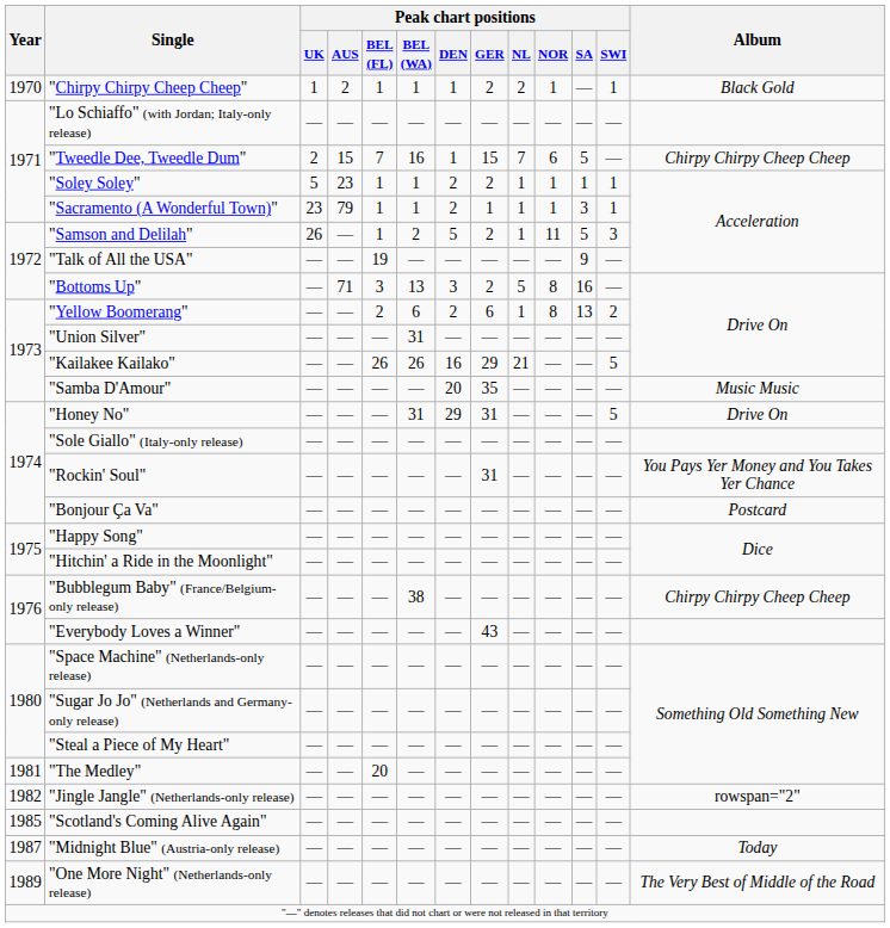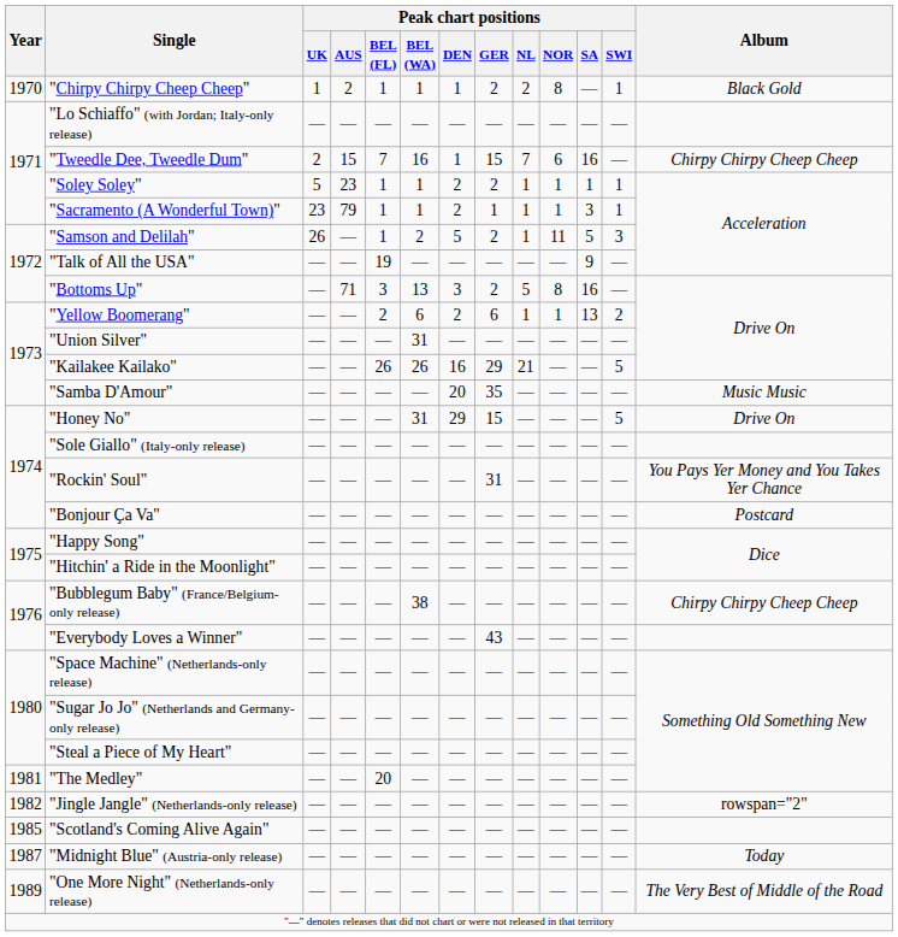 <table class="wikitable" style="text-align:center">
 <tr>
 <th rowspan="2">Year</th>
 <th rowspan="2"  style="width:16em;">Single</th>
 <th colspan="10">Peak chart positions</th>
 <th rowspan="2" style="width:16em;">Album</th>
 </tr>
 <tr>
 <th><small><a href='#'>UK</a></small><br></th>
 <th><small><a href='#'>AUS</a></small><br></th>
 <th><small><a href='#'>BEL<br>(FL)</a></small><br></th>
 <th><small><a href='#'>BEL<br>(WA)</a></small><br></th>
 <th><small><a href='#'>DEN</a></small><br></th>
 <th><small><a href='#'>GER</a></small><br></th>
 <th><small><a href='#'>NL</a></small><br></th>
 <th><small><a href='#'>NOR</a></small><br></th>
 <th><small><a href='#'>SA</a></small><br></th>
 <th><small><a href='#'>SWI</a></small><br></th>
 </tr>
 <tr>
 <td>1970</td>
 <td align="left">"<a href='#'>Chirpy Chirpy Cheep Cheep</a>"</td>
 <td>1</td>
 <td>2</td>
 <td>1</td>
 <td>1</td>
 <td>1</td>
 <td>2</td>
 <td>2</td>
-<td>1</td>
+<td>8</td>
 <td>—</td>
 <td>1</td>
 <td><em>Black Gold</em></td>
 </tr>
 <tr>
 <td rowspan="4">1971</td>
 <td align="left">"Lo Schiaffo" <small>(with Jordan; Italy-only release)</small></td>
 <td>—</td>
 <td>—</td>
 <td>—</td>
 <td>—</td>
 <td>—</td>
 <td>—</td>
 <td>—</td>
 <td>—</td>
 <td>—</td>
 <td>—</td>
 <td></td>
 </tr>
 <tr>
 <td align="left">"<a href='#'>Tweedle Dee, Tweedle Dum</a>"</td>
 <td>2</td>
 <td>15</td>
 <td>7</td>
 <td>16</td>
 <td>1</td>
 <td>15</td>
 <td>7</td>
 <td>6</td>
-<td>5</td>
+<td>16</td>
 <td>—</td>
 <td><em>Chirpy Chirpy Cheep Cheep</em></td>
 </tr>
 <tr>
 <td align="left">"<a href='#'>Soley Soley</a>"</td>
 <td>5</td>
 <td>23</td>
 <td>1</td>
 <td>1</td>
 <td>2</td>
 <td>2</td>
 <td>1</td>
 <td>1</td>
 <td>1</td>
 <td>1</td>
 <td rowspan="4"><em>Acceleration</em></td>
 </tr>
 <tr>
 <td align="left">"<a href='#'>Sacramento (A Wonderful Town)</a>"</td>
 <td>23</td>
 <td>79</td>
 <td>1</td>
 <td>1</td>
 <td>2</td>
 <td>1</td>
 <td>1</td>
 <td>1</td>
 <td>3</td>
 <td>1</td>
 </tr>
 <tr>
 <td rowspan="3">1972</td>
 <td align="left">"<a href='#'>Samson and Delilah</a>"</td>
 <td>26</td>
 <td>—</td>
 <td>1</td>
 <td>2</td>
 <td>5</td>
 <td>2</td>
 <td>1</td>
 <td>11</td>
 <td>5</td>
 <td>3</td>
 </tr>
 <tr>
 <td align="left">"Talk of All the USA"</td>
 <td>—</td>
 <td>—</td>
 <td>19</td>
 <td>—</td>
 <td>—</td>
 <td>—</td>
 <td>—</td>
 <td>—</td>
 <td>9</td>
 <td>—</td>
 </tr>
 <tr>
 <td align="left">"<a href='#'>Bottoms Up</a>"</td>
 <td>—</td>
 <td>71</td>
 <td>3</td>
 <td>13</td>
 <td>3</td>
 <td>2</td>
 <td>5</td>
 <td>8</td>
 <td>16</td>
 <td>—</td>
 <td rowspan="4"><em>Drive On</em></td>
 </tr>
 <tr>
 <td rowspan="4">1973</td>
 <td align="left">"<a href='#'>Yellow Boomerang</a>"</td>
 <td>—</td>
 <td>—</td>
 <td>2</td>
 <td>6</td>
 <td>2</td>
 <td>6</td>
 <td>1</td>
-<td>8</td>
+<td>1</td>
 <td>13</td>
 <td>2</td>
 </tr>
 <tr>
 <td align="left">"Union Silver"</td>
 <td>—</td>
 <td>—</td>
 <td>—</td>
 <td>31</td>
 <td>—</td>
 <td>—</td>
 <td>—</td>
 <td>—</td>
 <td>—</td>
 <td>—</td>
 </tr>
 <tr>
 <td align="left">"Kailakee Kailako"</td>
 <td>—</td>
 <td>—</td>
 <td>26</td>
 <td>26</td>
 <td>16</td>
 <td>29</td>
 <td>21</td>
 <td>—</td>
 <td>—</td>
 <td>5</td>
 </tr>
 <tr>
 <td align="left">"Samba D'Amour"</td>
 <td>—</td>
 <td>—</td>
 <td>—</td>
 <td>—</td>
 <td>20</td>
 <td>35</td>
 <td>—</td>
 <td>—</td>
 <td>—</td>
 <td>—</td>
 <td><em>Music Music</em></td>
 </tr>
 <tr>
 <td rowspan="4">1974</td>
 <td align="left">"Honey No"</td>
 <td>—</td>
 <td>—</td>
 <td>—</td>
 <td>31</td>
 <td>29</td>
-<td>31</td>
+<td>15</td>
 <td>—</td>
 <td>—</td>
 <td>—</td>
 <td>5</td>
 <td><em>Drive On</em></td>
 </tr>
 <tr>
 <td align="left">"Sole Giallo" <small>(Italy-only release)</small></td>
 <td>—</td>
 <td>—</td>
 <td>—</td>
 <td>—</td>
 <td>—</td>
 <td>—</td>
 <td>—</td>
 <td>—</td>
 <td>—</td>
 <td>—</td>
 <td></td>
 </tr>
 <tr>
 <td align="left">"Rockin' Soul"</td>
 <td>—</td>
 <td>—</td>
 <td>—</td>
 <td>—</td>
 <td>—</td>
 <td>31</td>
 <td>—</td>
 <td>—</td>
 <td>—</td>
 <td>—</td>
 <td><em>You Pays Yer Money and You Takes Yer Chance</em></td>
 </tr>
 <tr>
 <td align="left">"Bonjour Ҫa Va"</td>
 <td>—</td>
 <td>—</td>
 <td>—</td>
 <td>—</td>
 <td>—</td>
 <td>—</td>
 <td>—</td>
 <td>—</td>
 <td>—</td>
 <td>—</td>
 <td><em>Postcard</em></td>
 </tr>
 <tr>
 <td rowspan="2">1975</td>
 <td align="left">"Happy Song"</td>
 <td>—</td>
 <td>—</td>
 <td>—</td>
 <td>—</td>
 <td>—</td>
 <td>—</td>
 <td>—</td>
 <td>—</td>
 <td>—</td>
 <td>—</td>
 <td rowspan="2"><em>Dice</em></td>
 </tr>
 <tr>
 <td align="left">"Hitchin' a Ride in the Moonlight"</td>
 <td>—</td>
 <td>—</td>
 <td>—</td>
 <td>—</td>
 <td>—</td>
 <td>—</td>
 <td>—</td>
 <td>—</td>
 <td>—</td>
 <td>—</td>
 </tr>
 <tr>
 <td rowspan="2">1976</td>
 <td align="left">"Bubblegum Baby" <small>(France/Belgium-only release)</small></td>
 <td>—</td>
 <td>—</td>
 <td>—</td>
 <td>38</td>
 <td>—</td>
 <td>—</td>
 <td>—</td>
 <td>—</td>
 <td>—</td>
 <td>—</td>
 <td><em>Chirpy Chirpy Cheep Cheep</em></td>
 </tr>
 <tr>
 <td align="left">"Everybody Loves a Winner"</td>
 <td>—</td>
 <td>—</td>
 <td>—</td>
 <td>—</td>
 <td>—</td>
 <td>43</td>
 <td>—</td>
 <td>—</td>
 <td>—</td>
 <td>—</td>
 <td></td>
 </tr>
 <tr>
 <td rowspan="3">1980</td>
 <td align="left">"Space Machine" <small>(Netherlands-only release)</small></td>
 <td>—</td>
 <td>—</td>
 <td>—</td>
 <td>—</td>
 <td>—</td>
 <td>—</td>
 <td>—</td>
 <td>—</td>
 <td>—</td>
 <td>—</td>
 <td rowspan="4"><em>Something Old Something New</em></td>
 </tr>
 <tr>
 <td align="left">"Sugar Jo Jo" <small>(Netherlands and Germany-only release)</small></td>
 <td>—</td>
 <td>—</td>
 <td>—</td>
 <td>—</td>
 <td>—</td>
 <td>—</td>
 <td>—</td>
 <td>—</td>
 <td>—</td>
 <td>—</td>
 </tr>
 <tr>
 <td align="left">"Steal a Piece of My Heart"</td>
 <td>—</td>
 <td>—</td>
 <td>—</td>
 <td>—</td>
 <td>—</td>
 <td>—</td>
 <td>—</td>
 <td>—</td>
 <td>—</td>
 <td>—</td>
 </tr>
 <tr>
 <td>1981</td>
 <td align="left">"The Medley"</td>
 <td>—</td>
 <td>—</td>
 <td>20</td>
 <td>—</td>
 <td>—</td>
 <td>—</td>
 <td>—</td>
 <td>—</td>
 <td>—</td>
 <td>—</td>
 </tr>
 <tr>
 <td>1982</td>
 <td align="left">"Jingle Jangle" <small>(Netherlands-only release)</small></td>
 <td>—</td>
 <td>—</td>
 <td>—</td>
 <td>—</td>
 <td>—</td>
 <td>—</td>
 <td>—</td>
 <td>—</td>
 <td>—</td>
 <td>—</td>
 <td>rowspan="2" </td>
 </tr>
 <tr>
 <td>1985</td>
 <td align="left">"Scotland's Coming Alive Again"</td>
 <td>—</td>
 <td>—</td>
 <td>—</td>
 <td>—</td>
 <td>—</td>
 <td>—</td>
 <td>—</td>
 <td>—</td>
 <td>—</td>
 <td>—</td>
 </tr>
 <tr>
 <td>1987</td>
 <td align="left">"Midnight Blue" <small>(Austria-only release)</small></td>
 <td>—</td>
 <td>—</td>
 <td>—</td>
 <td>—</td>
 <td>—</td>
 <td>—</td>
 <td>—</td>
 <td>—</td>
 <td>—</td>
 <td>—</td>
 <td><em>Today</em></td>
 </tr>
 <tr>
 <td>1989</td>
 <td align="left">"One More Night" <small>(Netherlands-only release)</small></td>
 <td>—</td>
 <td>—</td>
 <td>—</td>
 <td>—</td>
 <td>—</td>
 <td>—</td>
 <td>—</td>
 <td>—</td>
 <td>—</td>
 <td>—</td>
 <td><em>The Very Best of Middle of the Road</em></td>
 </tr>
 <tr>
 <td colspan="13" style="font-size:8pt">"—" denotes releases that did not chart or were not released in that territory</td>
 </tr>
 </table>
